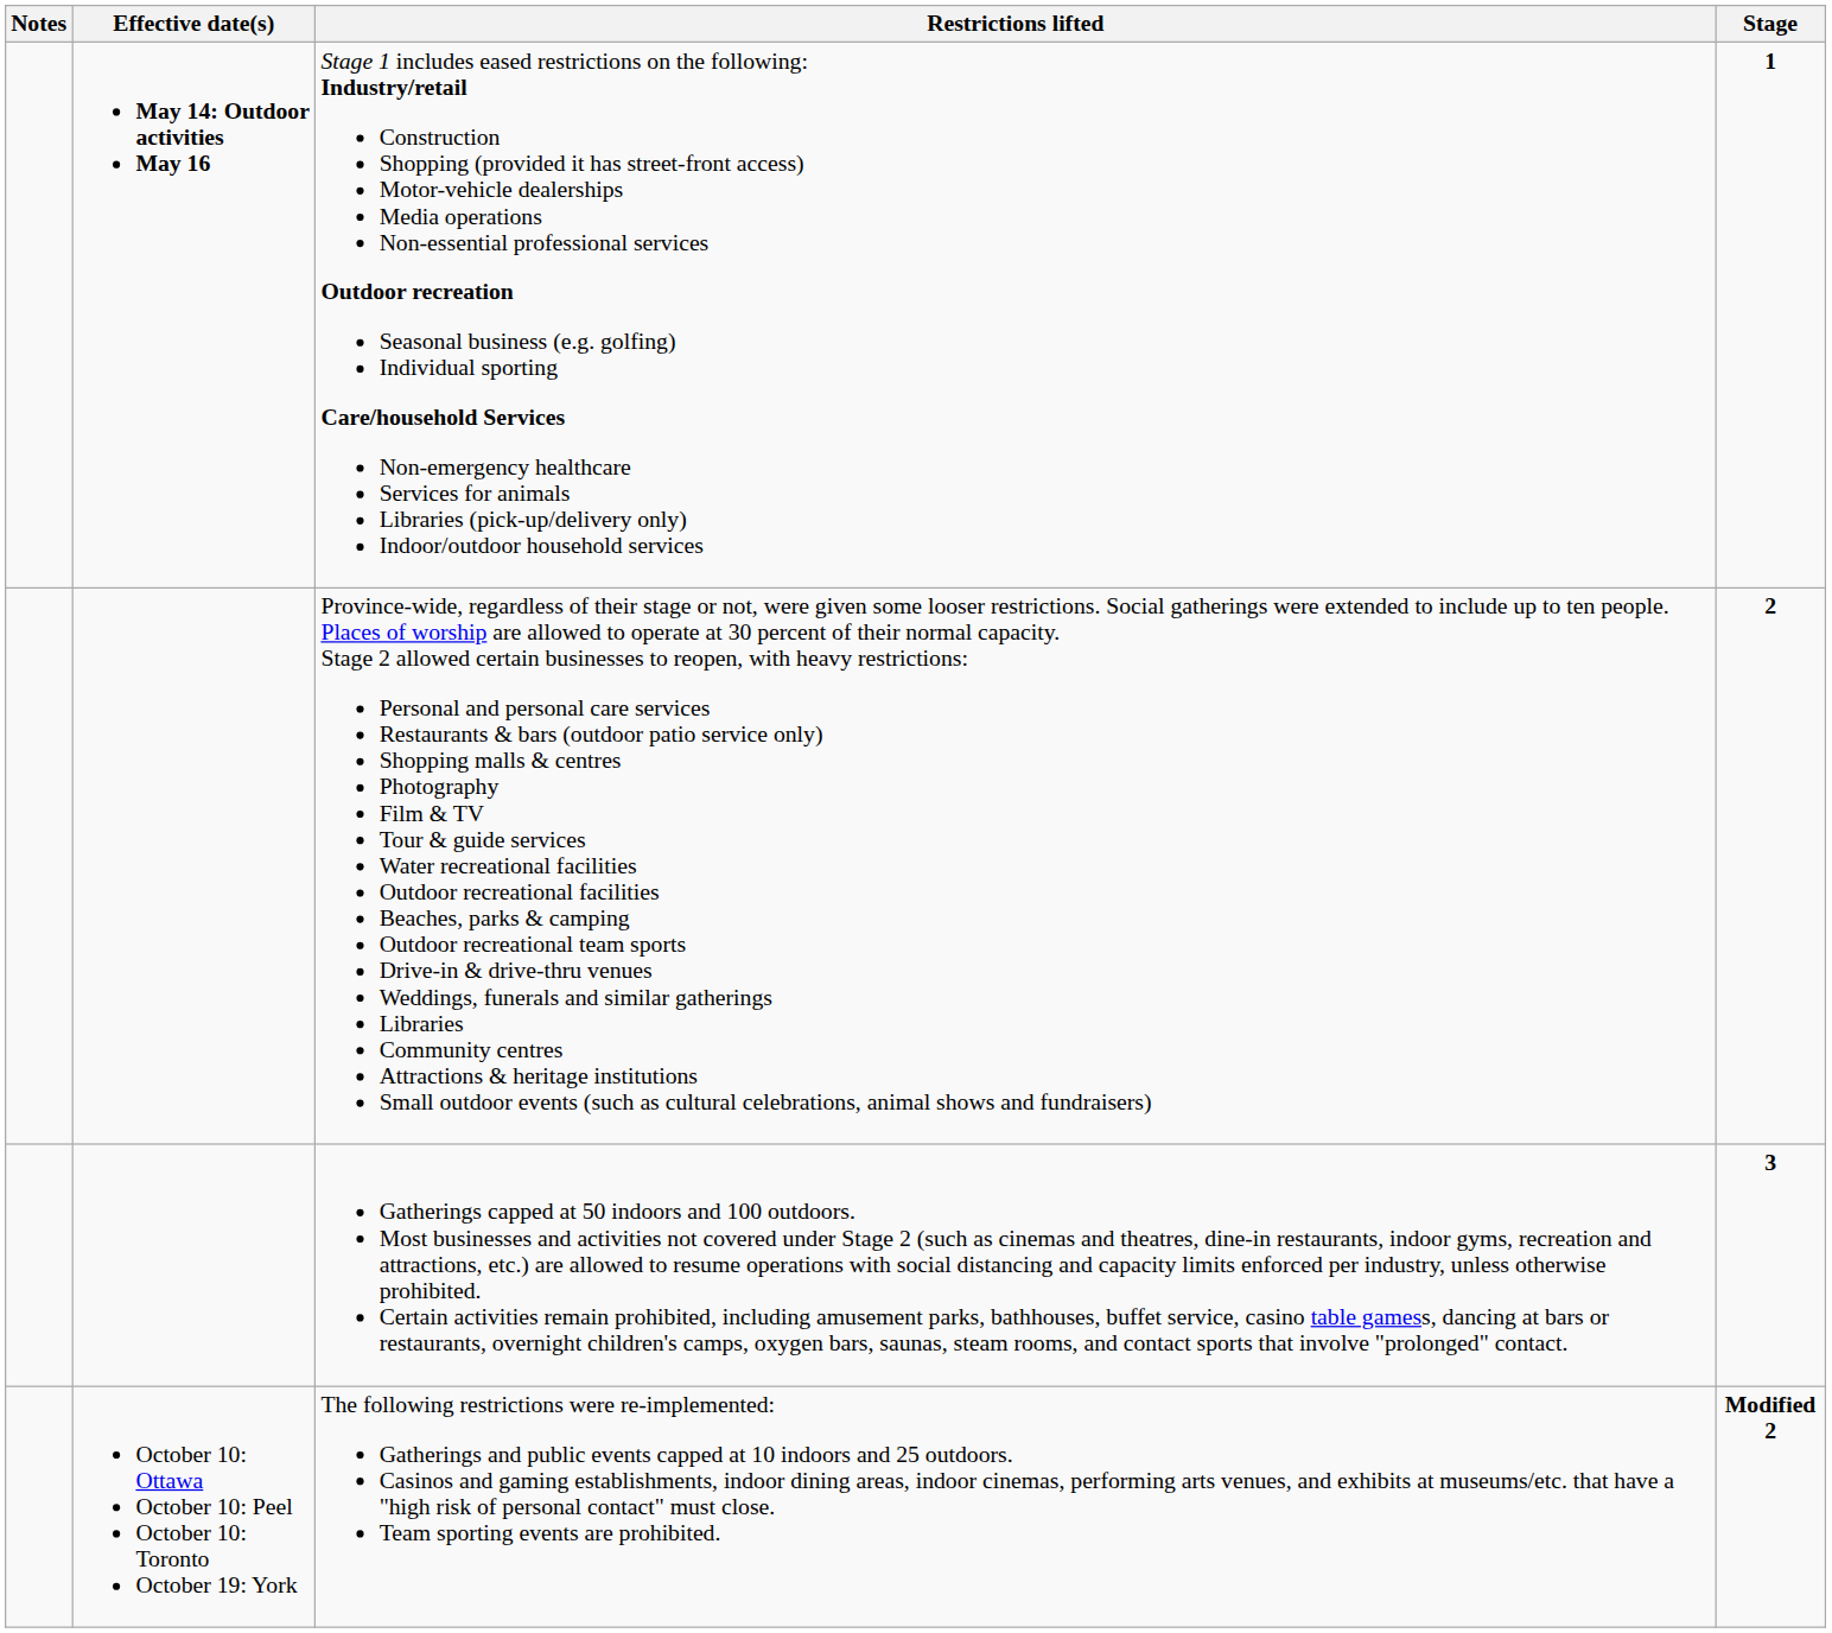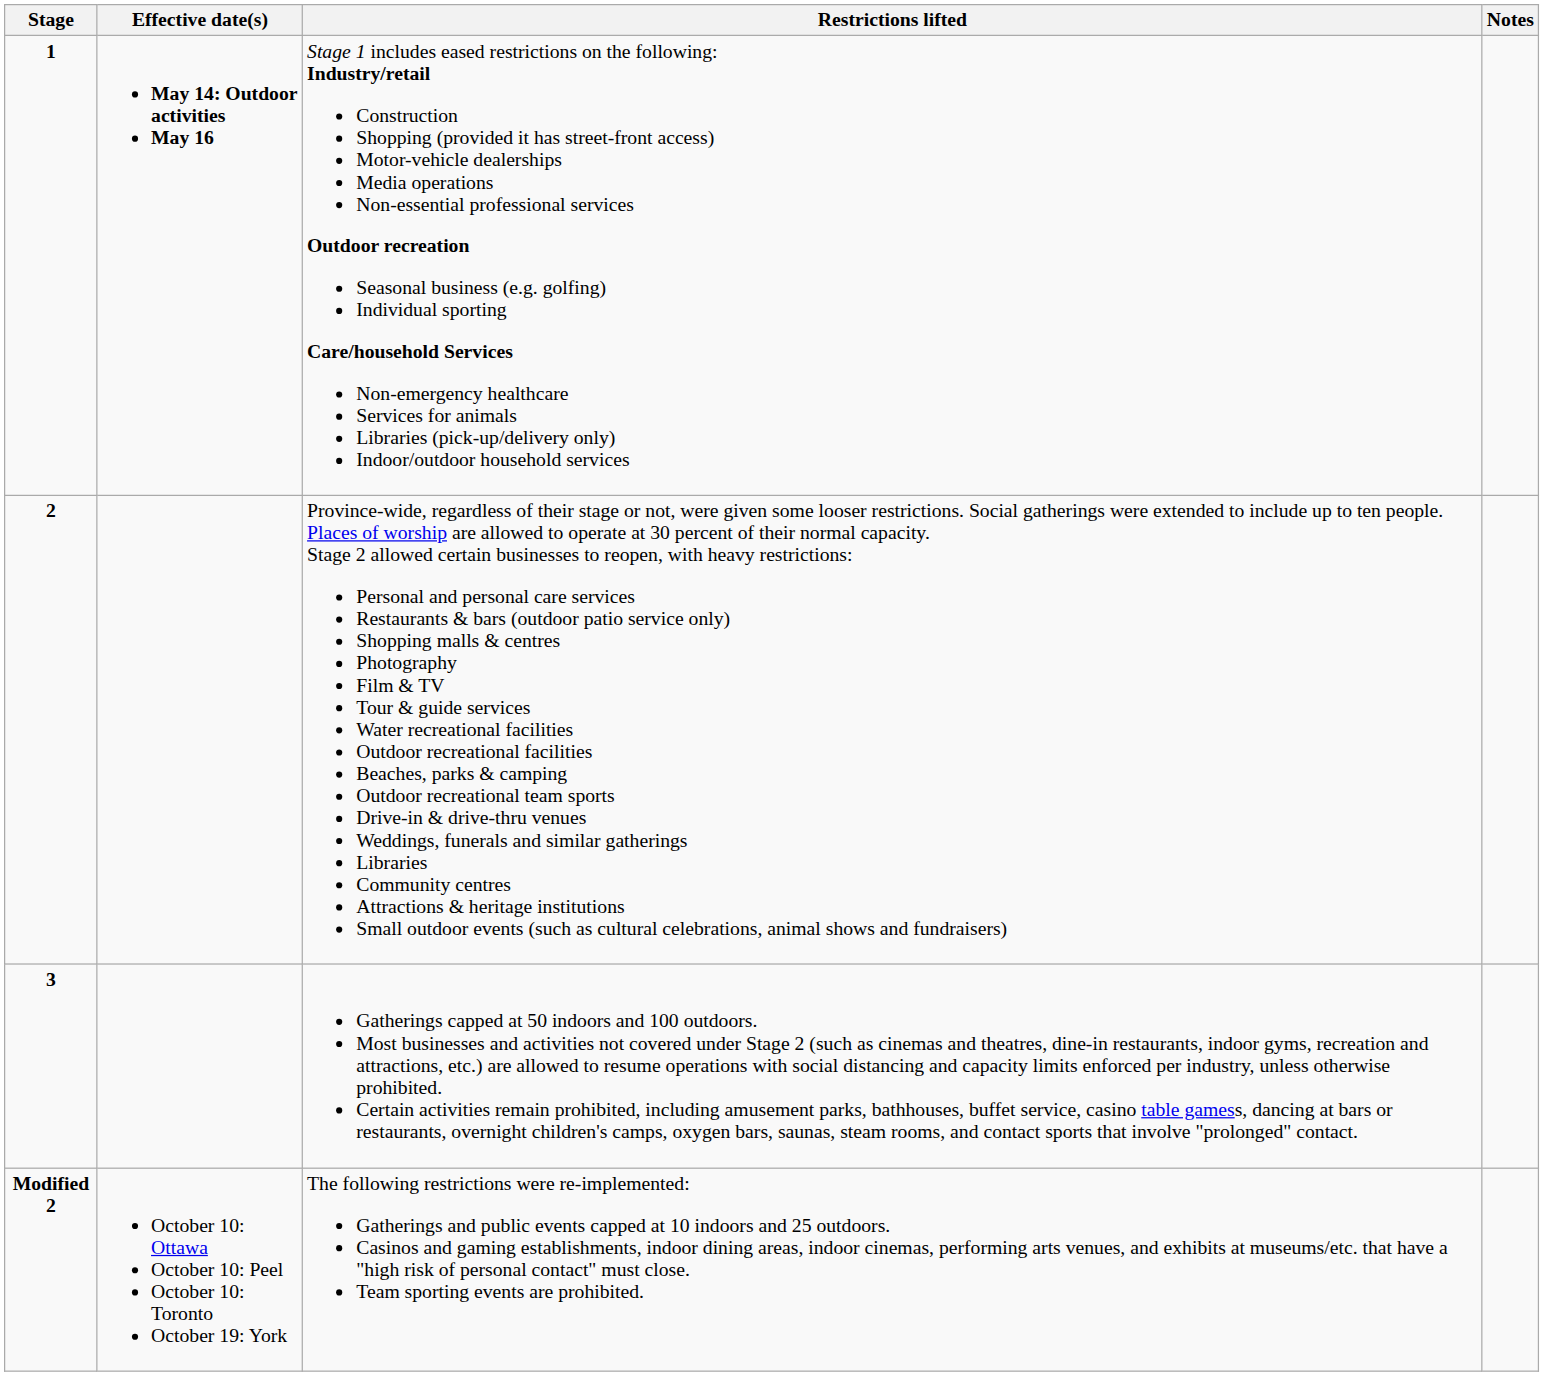 <table class="wikitable mw-collapsible">
 <tr>
-<th>Notes</th>
+<th>Stage</th>
 <th>Effective date(s)</th>
 <th>Restrictions lifted</th>
-<th>Stage</th>
+<th>Notes</th>
 </tr>
 <tr>
-<td></td>
+<td valign="top" align="center"><strong>1</strong></td>
 <td valign="top"><strong><br><ul><li>May 14: Outdoor activities</li><li>May 16</li></ul></strong></td>
 <td valign="top"><em>Stage 1</em> includes eased restrictions on the following:<br><strong>Industry/retail</strong><ul><li>Construction</li><li>Shopping (provided it has street-front access)</li><li>Motor-vehicle dealerships</li><li>Media operations</li><li>Non-essential professional services</li></ul><strong>Outdoor recreation</strong><ul><li>Seasonal business (e.g. golfing)</li><li>Individual sporting</li></ul><strong>Care/household Services</strong><ul><li>Non-emergency healthcare</li><li>Services for animals</li><li>Libraries (pick-up/delivery only)</li><li>Indoor/outdoor household services</li></ul></td>
-<td valign="top" align="center"><strong>1</strong></td>
+<td></td>
 </tr>
 <tr>
-<td></td>
+<td valign="top" align="center"><strong>2</strong></td>
 <td></td>
 <td valign="top">Province-wide, regardless of their stage or not, were given some looser restrictions. Social gatherings were extended to include up to ten people. <a href='#'>Places of worship</a> are allowed to operate at 30 percent of their normal capacity.<br>Stage 2 allowed certain businesses to reopen, with heavy restrictions:<ul><li>Personal and personal care services</li><li>Restaurants & bars (outdoor patio service only)</li><li>Shopping malls & centres</li><li>Photography</li><li>Film & TV</li><li>Tour & guide services</li><li>Water recreational facilities</li><li>Outdoor recreational facilities</li><li>Beaches, parks & camping</li><li>Outdoor recreational team sports</li><li>Drive-in & drive-thru venues</li><li>Weddings, funerals and similar gatherings</li><li>Libraries</li><li>Community centres</li><li>Attractions & heritage institutions</li><li>Small outdoor events (such as cultural celebrations, animal shows and fundraisers)</li></ul></td>
-<td valign="top" align="center"><strong>2</strong></td>
+<td></td>
 </tr>
 <tr>
-<td></td>
+<td valign="top" align="center"><strong>3</strong></td>
 <td></td>
 <td valign="top"><br><ul><li>Gatherings capped at 50 indoors and 100 outdoors.</li><li>Most businesses and activities not covered under Stage 2 (such as cinemas and theatres, dine-in restaurants, indoor gyms, recreation and attractions, etc.) are allowed to resume operations with social distancing and capacity limits enforced per industry, unless otherwise prohibited.</li><li>Certain activities remain prohibited, including amusement parks, bathhouses, buffet service, casino <a href='#'>table games</a>s, dancing at bars or restaurants, overnight children's camps, oxygen bars, saunas, steam rooms, and contact sports that involve "prolonged" contact.</li></ul></td>
-<td valign="top" align="center"><strong>3</strong></td>
+<td></td>
 </tr>
 <tr>
-<td></td>
+<td valign="top" align="center"><strong>Modified 2</strong></td>
 <td valign="top"><br><ul><li>October 10: <a href='#'>Ottawa</a></li><li>October 10: Peel</li><li>October 10: Toronto</li><li>October 19: York</li></ul></td>
 <td valign="top">The following restrictions were re-implemented:<br><ul><li>Gatherings and public events capped at 10 indoors and 25 outdoors.</li><li>Casinos and gaming establishments, indoor dining areas, indoor cinemas, performing arts venues, and exhibits at museums/etc. that have a "high risk of personal contact" must close.</li><li>Team sporting events are prohibited.</li></ul></td>
-<td valign="top" align="center"><strong>Modified 2</strong></td>
+<td></td>
 </tr>
 </table>
